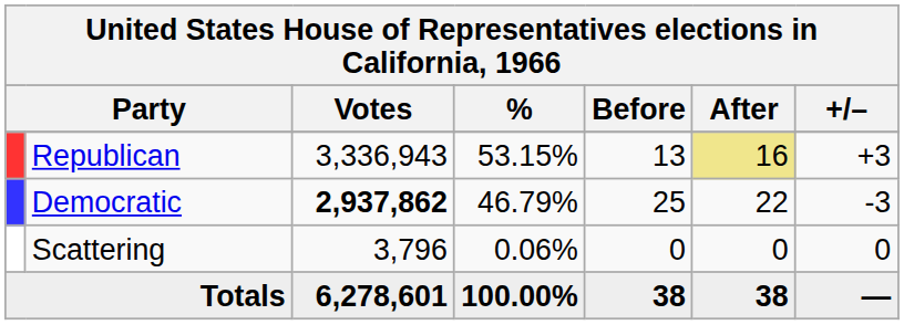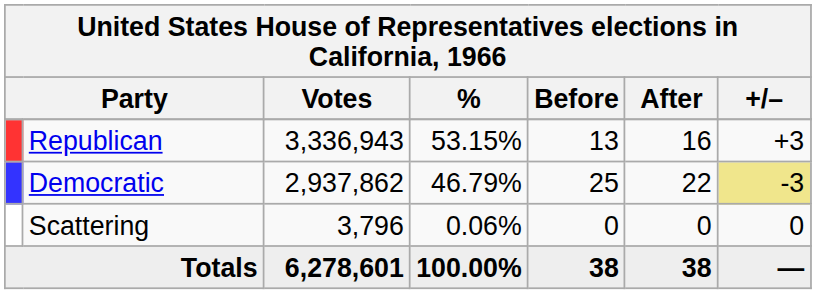 <table class="wikitable" style="font-size: 95%;">
 <tr>
 <th colspan="7">United States House of Representatives elections in California, 1966</th>
 </tr>
 <tr>
 <th colspan=2 style="width: 5em">Party</th>
 <th style="width: 5em">Votes</th>
 <th style="width: 3em">%</th>
 <th style="width: 3em">Before</th>
 <th style="width: 3em">After</th>
 <th style="width: 3em">+/–</th>
 </tr>
 <tr>
 </tr>
 <tr>
 <th style="background-color:#FF3333; width: 3px"></th>
 <td style="width: 130px"><a href='#'>Republican</a></td>
 <td align="right">3,336,943</td>
 <td align="right">53.15%</td>
 <td align="right">13</td>
-<td align="right" style="background: khaki;">16</td>
+<td align="right">16</td>
 <td align="right">+3</td>
 </tr>
 <tr>
 <th style="background-color:#3333FF; width: 3px"></th>
 <td style="width: 130px"><a href='#'>Democratic</a></td>
-<td align="right"><strong>2,937,862</strong></td>
+<td align="right">2,937,862</td>
 <td align="right">46.79%</td>
 <td align="right">25</td>
 <td align="right">22</td>
-<td align="right">-3</td>
+<td align="right" style="background: khaki;">-3</td>
 </tr>
 <tr>
 <th style="background-color:#FFFFFF; width: 3px"></th>
 <td style="width: 130px">Scattering</td>
 <td align="right">3,796</td>
 <td align="right">0.06%</td>
 <td align="right">0</td>
 <td align="right">0</td>
 <td align="right">0</td>
 </tr>
 <tr bgcolor="#EEEEEE">
 <td colspan="2" align="right"><strong>Totals</strong></td>
 <td align="right"><strong>6,278,601</strong></td>
 <td align="right"><strong>100.00%</strong></td>
 <td align="right"><strong>38</strong></td>
 <td align="right"><strong>38</strong></td>
 <td align="right"><strong>—</strong></td>
 </tr>
 </table>
